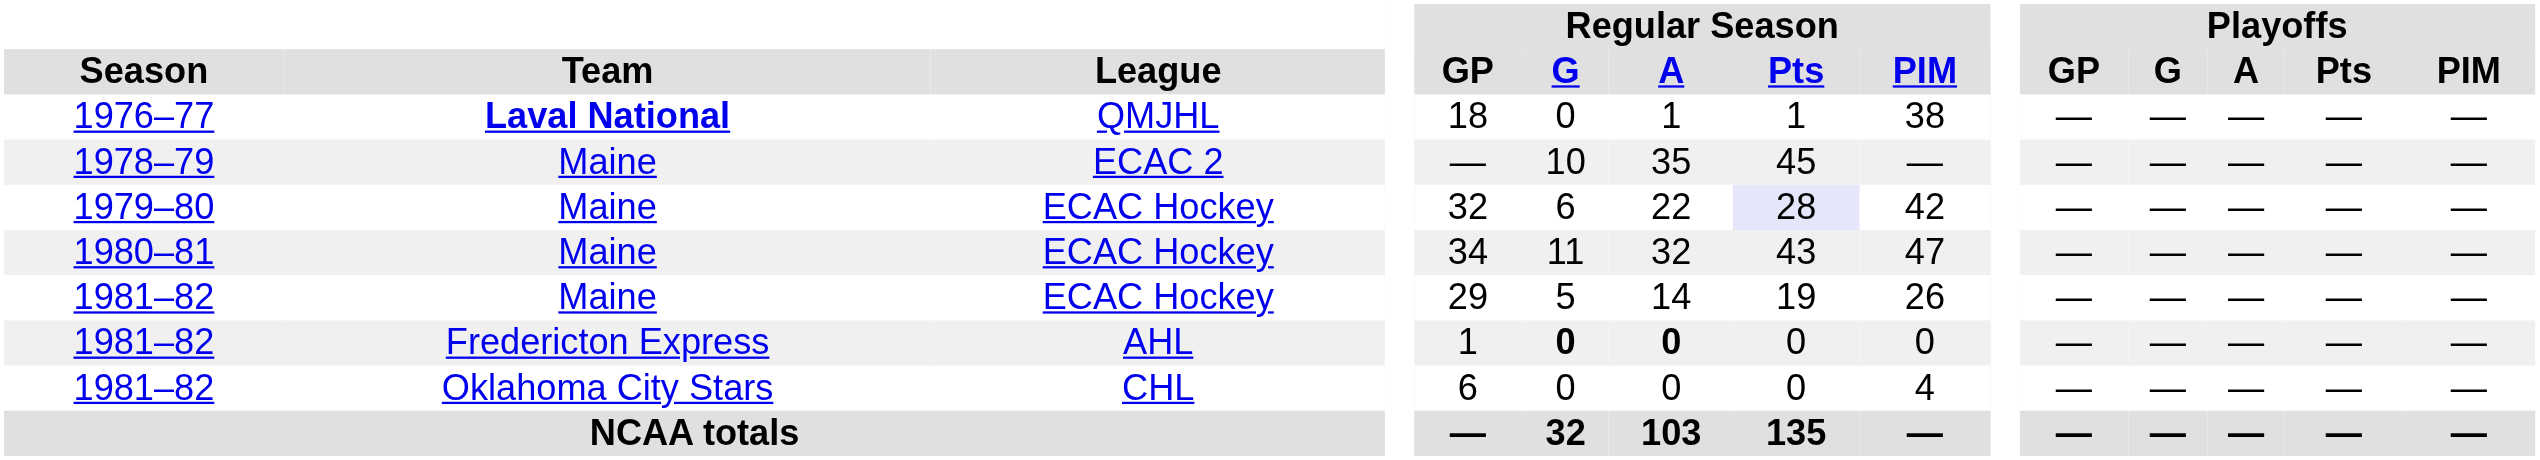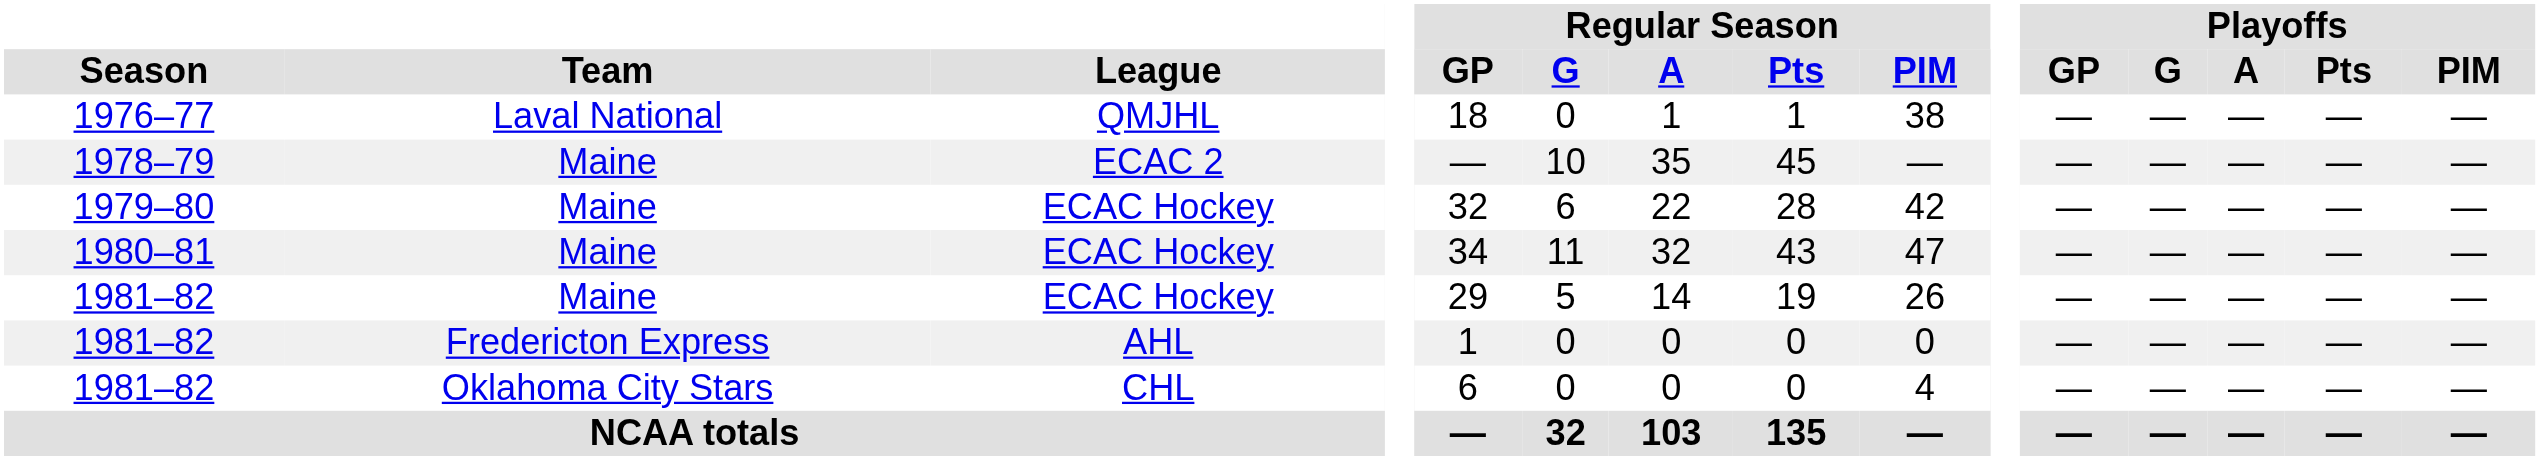 <table border="0" cellpadding="1" cellspacing="0" style="text-align:center; width:70em">
 <tr bgcolor="#e0e0e0">
 <th colspan="3"  bgcolor="#ffffff"> </th>
 <th rowspan="99" bgcolor="#ffffff"> </th>
 <th colspan="5">Regular Season</th>
 <th rowspan="99" bgcolor="#ffffff"> </th>
 <th colspan="5">Playoffs</th>
 </tr>
 <tr bgcolor="#e0e0e0">
 <th>Season</th>
 <th>Team</th>
 <th>League</th>
 <th>GP</th>
 <th><a href='#'>G</a></th>
 <th><a href='#'>A</a></th>
 <th><a href='#'>Pts</a></th>
 <th><a href='#'>PIM</a></th>
 <th>GP</th>
 <th>G</th>
 <th>A</th>
 <th>Pts</th>
 <th>PIM</th>
 </tr>
 <tr>
 <td><a href='#'>1976–77</a></td>
-<td><strong><a href='#'>Laval National</a></strong></td>
+<td><a href='#'>Laval National</a></td>
 <td><a href='#'>QMJHL</a></td>
 <td>18</td>
 <td>0</td>
 <td>1</td>
 <td>1</td>
 <td>38</td>
 <td>—</td>
 <td>—</td>
 <td>—</td>
 <td>—</td>
 <td>—</td>
 </tr>
 <tr bgcolor="f0f0f0">
 <td><a href='#'>1978–79</a></td>
 <td><a href='#'>Maine</a></td>
 <td><a href='#'>ECAC 2</a></td>
 <td>—</td>
 <td>10</td>
 <td>35</td>
 <td>45</td>
 <td>—</td>
 <td>—</td>
 <td>—</td>
 <td>—</td>
 <td>—</td>
 <td>—</td>
 </tr>
 <tr>
 <td><a href='#'>1979–80</a></td>
 <td><a href='#'>Maine</a></td>
 <td><a href='#'>ECAC Hockey</a></td>
 <td>32</td>
 <td>6</td>
 <td>22</td>
-<td style="background: lavender;">28</td>
+<td>28</td>
 <td>42</td>
 <td>—</td>
 <td>—</td>
 <td>—</td>
 <td>—</td>
 <td>—</td>
 </tr>
 <tr bgcolor="f0f0f0">
 <td><a href='#'>1980–81</a></td>
 <td><a href='#'>Maine</a></td>
 <td><a href='#'>ECAC Hockey</a></td>
 <td>34</td>
 <td>11</td>
 <td>32</td>
 <td>43</td>
 <td>47</td>
 <td>—</td>
 <td>—</td>
 <td>—</td>
 <td>—</td>
 <td>—</td>
 </tr>
 <tr>
 <td><a href='#'>1981–82</a></td>
 <td><a href='#'>Maine</a></td>
 <td><a href='#'>ECAC Hockey</a></td>
 <td>29</td>
 <td>5</td>
 <td>14</td>
 <td>19</td>
 <td>26</td>
 <td>—</td>
 <td>—</td>
 <td>—</td>
 <td>—</td>
 <td>—</td>
 </tr>
 <tr bgcolor="f0f0f0">
 <td><a href='#'>1981–82</a></td>
 <td><a href='#'>Fredericton Express</a></td>
 <td><a href='#'>AHL</a></td>
 <td>1</td>
-<td><strong>0</strong></td>
-<td><strong>0</strong></td>
+<td>0</td>
+<td>0</td>
 <td>0</td>
 <td>0</td>
 <td>—</td>
 <td>—</td>
 <td>—</td>
 <td>—</td>
 <td>—</td>
 </tr>
 <tr>
 <td><a href='#'>1981–82</a></td>
 <td><a href='#'>Oklahoma City Stars</a></td>
 <td><a href='#'>CHL</a></td>
 <td>6</td>
 <td>0</td>
 <td>0</td>
 <td>0</td>
 <td>4</td>
 <td>—</td>
 <td>—</td>
 <td>—</td>
 <td>—</td>
 <td>—</td>
 </tr>
 <tr bgcolor="#e0e0e0">
 <th colspan="3">NCAA totals</th>
 <th>—</th>
 <th>32</th>
 <th>103</th>
 <th>135</th>
 <th>—</th>
 <th>—</th>
 <th>—</th>
 <th>—</th>
 <th>—</th>
 <th>—</th>
 </tr>
 </table>
